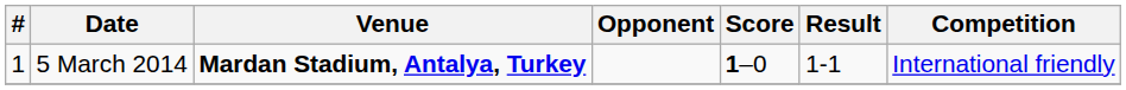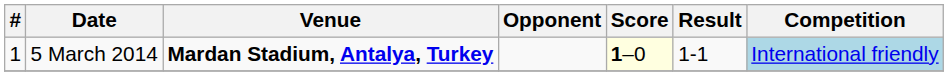 <table class="wikitable">
 <tr>
 <th>#</th>
 <th>Date</th>
 <th>Venue</th>
 <th>Opponent</th>
 <th>Score</th>
 <th>Result</th>
 <th>Competition</th>
 </tr>
 <tr>
 <td align=center>1</td>
 <td>5 March 2014</td>
 <td><strong>Mardan Stadium, <a href='#'>Antalya</a>, <a href='#'>Turkey</a></strong></td>
 <td></td>
-<td><strong>1</strong>–0</td>
+<td style="background: lightyellow;"><strong>1</strong>–0</td>
 <td>1-1</td>
-<td><a href='#'>International friendly</a></td>
+<td style="background: lightblue;"><a href='#'>International friendly</a></td>
 </tr>
 <tr>
 </tr>
 </table>
